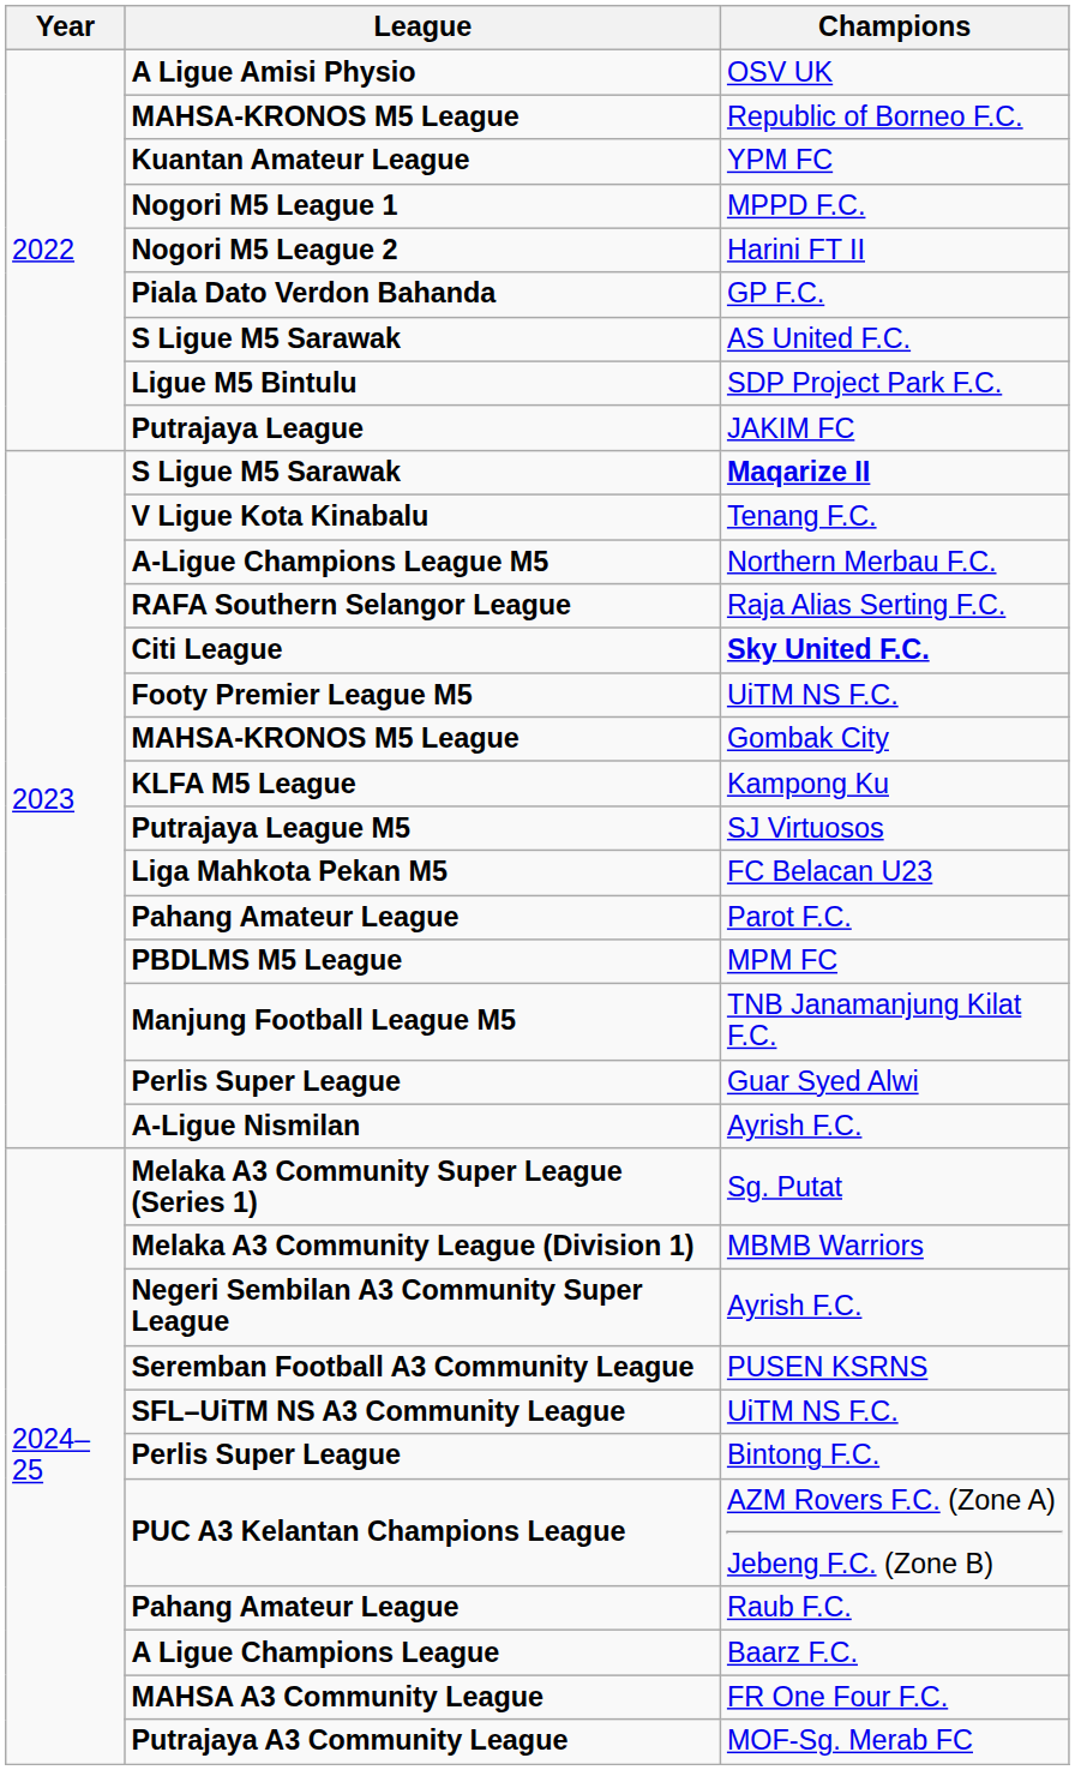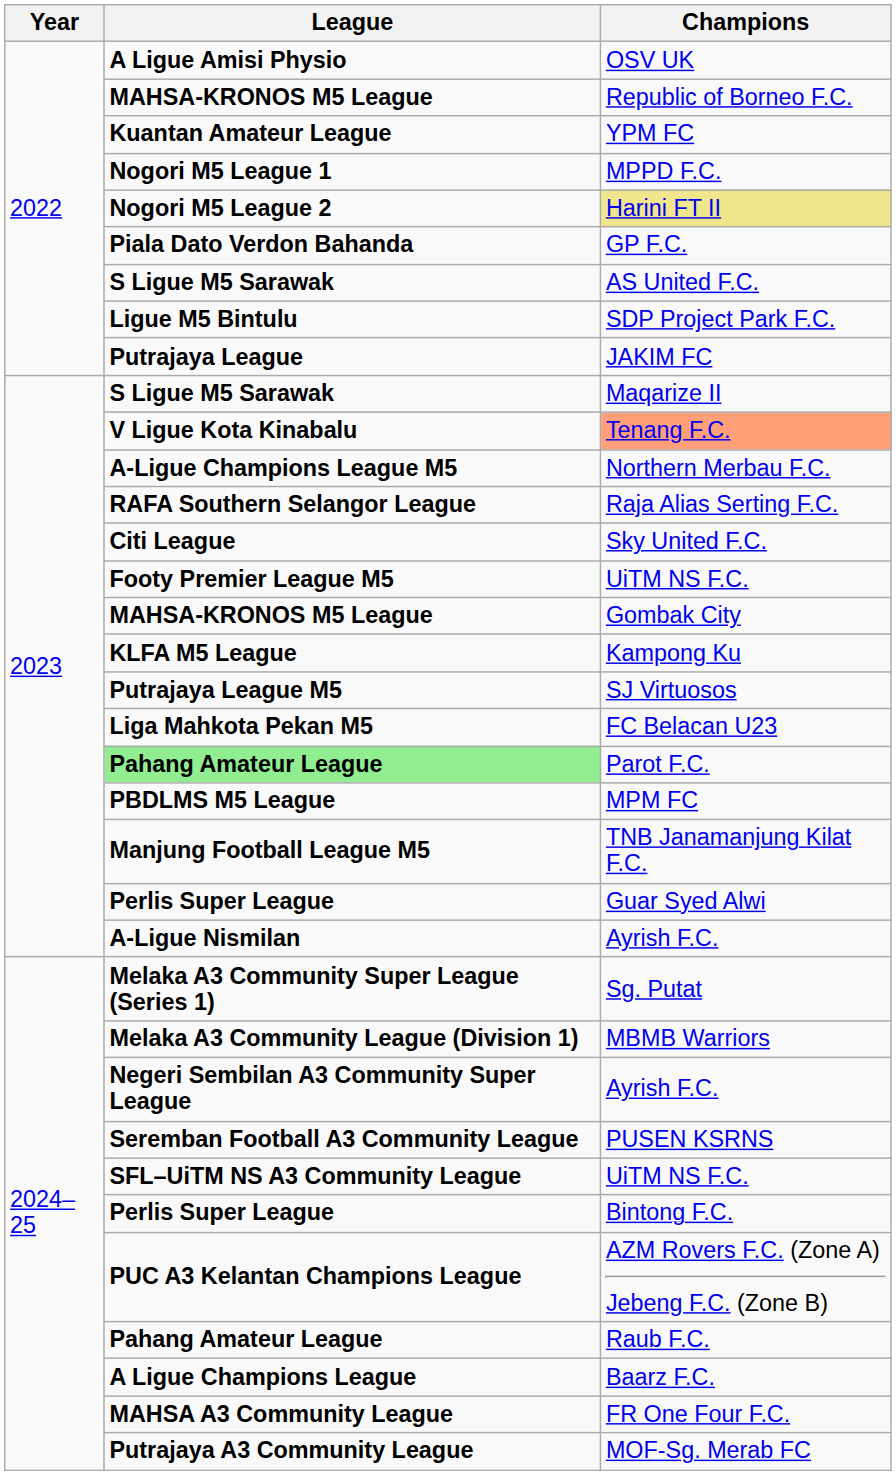 <table class="wikitable sortable" style="text-align: left;">
 <tr>
 <th>Year</th>
 <th>League</th>
 <th>Champions</th>
 </tr>
 <tr>
 <td rowspan="9"><a href='#'>2022</a></td>
 <td> <strong>A Ligue Amisi Physio</strong></td>
 <td><a href='#'>OSV UK</a></td>
 </tr>
 <tr>
 <td> <strong>MAHSA-KRONOS M5 League</strong></td>
 <td><a href='#'>Republic of Borneo F.C.</a></td>
 </tr>
 <tr>
 <td> <strong>Kuantan Amateur League</strong></td>
 <td><a href='#'>YPM FC</a></td>
 </tr>
 <tr>
 <td> <strong>Nogori M5 League 1</strong></td>
 <td><a href='#'>MPPD F.C.</a></td>
 </tr>
 <tr>
 <td> <strong>Nogori M5 League 2</strong></td>
-<td><a href='#'>Harini FT II</a></td>
+<td style="background: khaki;"><a href='#'>Harini FT II</a></td>
 </tr>
 <tr>
 <td> <strong>Piala Dato Verdon Bahanda</strong></td>
 <td><a href='#'>GP F.C.</a></td>
 </tr>
 <tr>
 <td> <strong>S Ligue M5 Sarawak</strong></td>
 <td><a href='#'>AS United F.C.</a></td>
 </tr>
 <tr>
 <td> <strong>Ligue M5 Bintulu</strong></td>
 <td><a href='#'>SDP Project Park F.C.</a></td>
 </tr>
 <tr>
 <td> <strong>Putrajaya League</strong></td>
 <td><a href='#'>JAKIM FC</a></td>
 </tr>
 <tr>
 <td rowspan="15"><a href='#'>2023</a></td>
 <td> <strong>S Ligue M5 Sarawak</strong></td>
-<td><strong><a href='#'>Maqarize II</a></strong></td>
+<td><a href='#'>Maqarize II</a></td>
 </tr>
 <tr>
 <td> <strong>V Ligue Kota Kinabalu</strong></td>
-<td><a href='#'>Tenang F.C.</a></td>
+<td style="background: lightsalmon;"><a href='#'>Tenang F.C.</a></td>
 </tr>
 <tr>
 <td> <strong>A-Ligue Champions League M5</strong></td>
 <td><a href='#'>Northern Merbau F.C.</a></td>
 </tr>
 <tr>
 <td> <strong>RAFA Southern Selangor League</strong></td>
 <td><a href='#'>Raja Alias Serting F.C.</a></td>
 </tr>
 <tr>
 <td> <strong>Citi League</strong></td>
-<td><strong><a href='#'>Sky United F.C.</a></strong></td>
+<td><a href='#'>Sky United F.C.</a></td>
 </tr>
 <tr>
 <td> <strong>Footy Premier League M5</strong></td>
 <td><a href='#'>UiTM NS F.C.</a></td>
 </tr>
 <tr>
 <td> <strong>MAHSA-KRONOS M5 League</strong></td>
 <td><a href='#'>Gombak City</a></td>
 </tr>
 <tr>
 <td> <strong>KLFA M5 League</strong></td>
 <td><a href='#'>Kampong Ku</a></td>
 </tr>
 <tr>
 <td> <strong>Putrajaya League M5</strong></td>
 <td><a href='#'>SJ Virtuosos</a></td>
 </tr>
 <tr>
 <td> <strong>Liga Mahkota Pekan M5</strong></td>
 <td><a href='#'>FC Belacan U23</a></td>
 </tr>
 <tr>
-<td> <strong>Pahang Amateur League</strong></td>
+<td style="background: lightgreen;"> <strong>Pahang Amateur League</strong></td>
 <td><a href='#'>Parot F.C.</a></td>
 </tr>
 <tr>
 <td> <strong>PBDLMS M5 League</strong></td>
 <td><a href='#'>MPM FC</a></td>
 </tr>
 <tr>
 <td> <strong>Manjung Football League M5</strong></td>
 <td><a href='#'>TNB Janamanjung Kilat F.C.</a></td>
 </tr>
 <tr>
 <td> <strong>Perlis Super League</strong></td>
 <td><a href='#'>Guar Syed Alwi</a></td>
 </tr>
 <tr>
 <td> <strong>A-Ligue Nismilan</strong></td>
 <td><a href='#'>Ayrish F.C.</a></td>
 </tr>
 <tr>
 <td rowspan="11"><a href='#'>2024–25</a></td>
 <td> <strong>Melaka A3 Community Super League (Series 1)</strong></td>
 <td><a href='#'>Sg. Putat</a></td>
 </tr>
 <tr>
 <td> <strong>Melaka A3 Community League (Division 1)</strong></td>
 <td><a href='#'>MBMB Warriors</a></td>
 </tr>
 <tr>
 <td> <strong>Negeri Sembilan A3 Community Super League</strong></td>
 <td><a href='#'>Ayrish F.C.</a></td>
 </tr>
 <tr>
 <td> <strong>Seremban Football A3 Community League</strong></td>
 <td><a href='#'>PUSEN KSRNS</a></td>
 </tr>
 <tr>
 <td> <strong>SFL–UiTM NS A3 Community League</strong></td>
 <td><a href='#'>UiTM NS F.C.</a></td>
 </tr>
 <tr>
 <td> <strong>Perlis Super League</strong></td>
 <td><a href='#'>Bintong F.C.</a></td>
 </tr>
 <tr>
 <td> <strong>PUC A3 Kelantan Champions League</strong></td>
 <td><a href='#'>AZM Rovers F.C.</a> (Zone A) <hr> <a href='#'>Jebeng F.C.</a> (Zone B)</td>
 </tr>
 <tr>
 <td> <strong>Pahang Amateur League</strong></td>
 <td><a href='#'>Raub F.C.</a></td>
 </tr>
 <tr>
 <td> <strong>A Ligue Champions League</strong></td>
 <td><a href='#'>Baarz F.C.</a></td>
 </tr>
 <tr>
 <td> <strong>MAHSA A3 Community League</strong></td>
 <td><a href='#'>FR One Four F.C.</a></td>
 </tr>
 <tr>
 <td> <strong>Putrajaya A3 Community League</strong></td>
 <td><a href='#'>MOF-Sg. Merab FC</a></td>
 </tr>
 <tr>
 </tr>
 </table>
